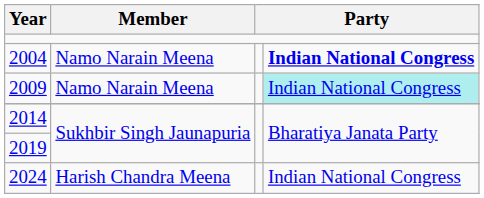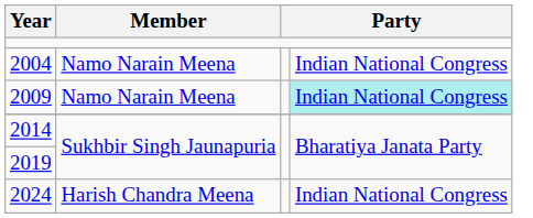 <table class="wikitable">
 <tr>
 <th>Year</th>
 <th>Member</th>
 <th colspan="2">Party</th>
 </tr>
 <tr>
 <td colspan="4"></td>
 </tr>
 <tr>
 <td><a href='#'>2004</a></td>
 <td><a href='#'>Namo Narain Meena</a></td>
 <td style="background-color: "></td>
-<td><strong><a href='#'>Indian National Congress</a></strong></td>
+<td><a href='#'>Indian National Congress</a></td>
 </tr>
 <tr>
 <td><a href='#'>2009</a></td>
 <td><a href='#'>Namo Narain Meena</a></td>
 <td style="background-color: "></td>
 <td style="background: paleturquoise;"><a href='#'>Indian National Congress</a></td>
 </tr>
 <tr>
 </tr>
 <tr |>
 <td><a href='#'>2014</a></td>
 <td rowspan=2><a href='#'>Sukhbir Singh Jaunapuria</a></td>
 <td rowspan="2" style="background-color: "></td>
 <td rowspan=2><a href='#'>Bharatiya Janata Party</a></td>
 </tr>
 <tr>
 <td><a href='#'>2019</a></td>
 </tr>
 <tr>
 <td><a href='#'>2024</a></td>
 <td><a href='#'>Harish Chandra Meena</a></td>
 <td style="background-color: "></td>
 <td><a href='#'>Indian National Congress</a></td>
 </tr>
 </table>
